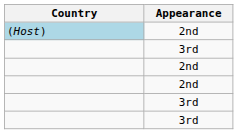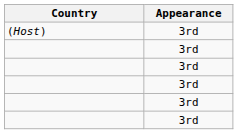 <table class="wikitable sortable" style="text-align:left;">
 <tr>
 <th style="width:160px;">Country</th>
 <th style="width:100px;">Appearance</th>
 </tr>
 <tr>
-<td style="background: lightblue;"> (<em>Host</em>)</td>
-<td align=center>2nd</td>
+<td> (<em>Host</em>)</td>
+<td align=center>3rd</td>
 </tr>
 <tr>
 <td></td>
 <td align=center>3rd</td>
 </tr>
 <tr>
 <td></td>
-<td align=center>2nd</td>
+<td align=center>3rd</td>
 </tr>
 <tr>
 <td></td>
-<td align=center>2nd</td>
+<td align=center>3rd</td>
 </tr>
 <tr>
 <td></td>
 <td align=center>3rd</td>
 </tr>
 <tr>
 <td></td>
 <td align=center>3rd</td>
 </tr>
 </table>
